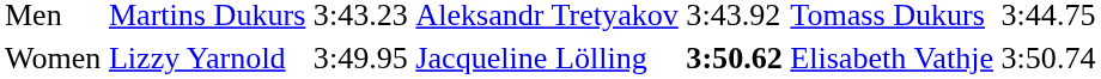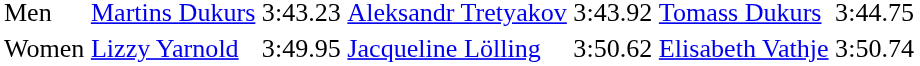 <table>
 <tr>
 <td>Men<br></td>
 <td><a href='#'>Martins Dukurs</a><br></td>
 <td>3:43.23</td>
 <td><a href='#'>Aleksandr Tretyakov</a><br></td>
 <td>3:43.92</td>
 <td><a href='#'>Tomass Dukurs</a><br></td>
 <td>3:44.75</td>
 </tr>
 <tr>
 <td>Women<br></td>
 <td><a href='#'>Lizzy Yarnold</a><br></td>
 <td>3:49.95</td>
 <td><a href='#'>Jacqueline Lölling</a><br></td>
-<td><strong>3:50.62</strong></td>
+<td>3:50.62</td>
 <td><a href='#'>Elisabeth Vathje</a><br></td>
 <td>3:50.74</td>
 </tr>
 </table>
